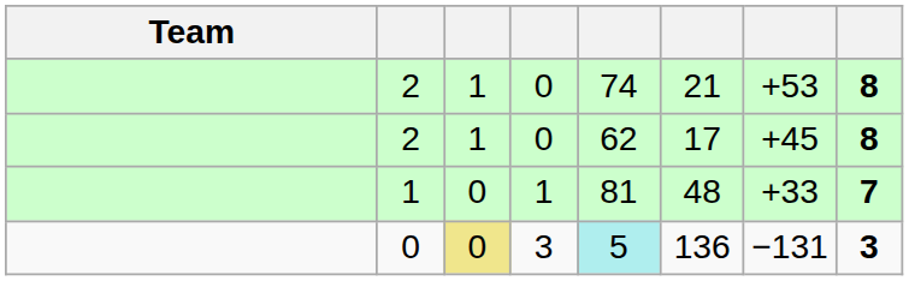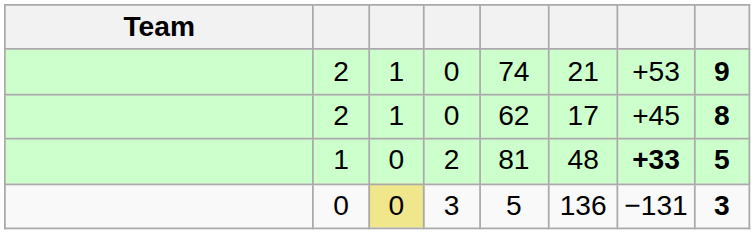 <table class="wikitable" style="text-align:center;">
 <tr>
 <th style="width:10.5em;">Team</th>
 <th style="width:1.5em;"></th>
 <th style="width:1.5em;"></th>
 <th style="width:1.5em;"></th>
 <th style="width:2.0em;"></th>
 <th style="width:2.0em;"></th>
 <th style="width:2.0em;"></th>
 <th style="width:1.5em;"></th>
 </tr>
 <tr bgcolor=#cfc>
 <td align="left"></td>
 <td>2</td>
 <td>1</td>
 <td>0</td>
 <td>74</td>
 <td>21</td>
 <td>+53</td>
-<td><strong>8</strong></td>
+<td><strong>9</strong></td>
 </tr>
 <tr bgcolor=#cfc>
 <td align="left"></td>
 <td>2</td>
 <td>1</td>
 <td>0</td>
 <td>62</td>
 <td>17</td>
 <td>+45</td>
 <td><strong>8</strong></td>
 </tr>
 <tr bgcolor=#cfc>
 <td align="left"></td>
 <td>1</td>
 <td>0</td>
-<td>1</td>
+<td>2</td>
 <td>81</td>
 <td>48</td>
-<td>+33</td>
-<td><strong>7</strong></td>
+<td><strong>+33</strong></td>
+<td><strong>5</strong></td>
 </tr>
 <tr>
 <td align="left"></td>
 <td>0</td>
 <td style="background: khaki;">0</td>
 <td>3</td>
-<td style="background: paleturquoise;">5</td>
+<td>5</td>
 <td>136</td>
 <td>−131</td>
 <td><strong>3</strong></td>
 </tr>
 </table>
